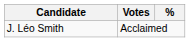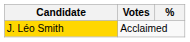 <table class="wikitable">
 <tr>
 <th style="width: 170px">Candidate</th>
 <th style="width: 50px">Votes</th>
 <th style="width: 40px">%</th>
 </tr>
 <tr>
-<td>J. Léo Smith</td>
+<td style="background: gold;">J. Léo Smith</td>
 <td colspan="2">Acclaimed</td>
 </tr>
 </table>
